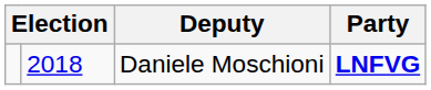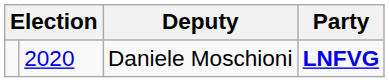 <table class="wikitable">
 <tr>
 <th colspan="2">Election</th>
 <th>Deputy</th>
 <th>Party</th>
 </tr>
 <tr>
 <td></td>
-<td><a href='#'>2018</a></td>
+<td><a href='#'>2020</a></td>
 <td>Daniele Moschioni</td>
 <td><strong><a href='#'>LNFVG</a></strong></td>
 </tr>
 </table>
